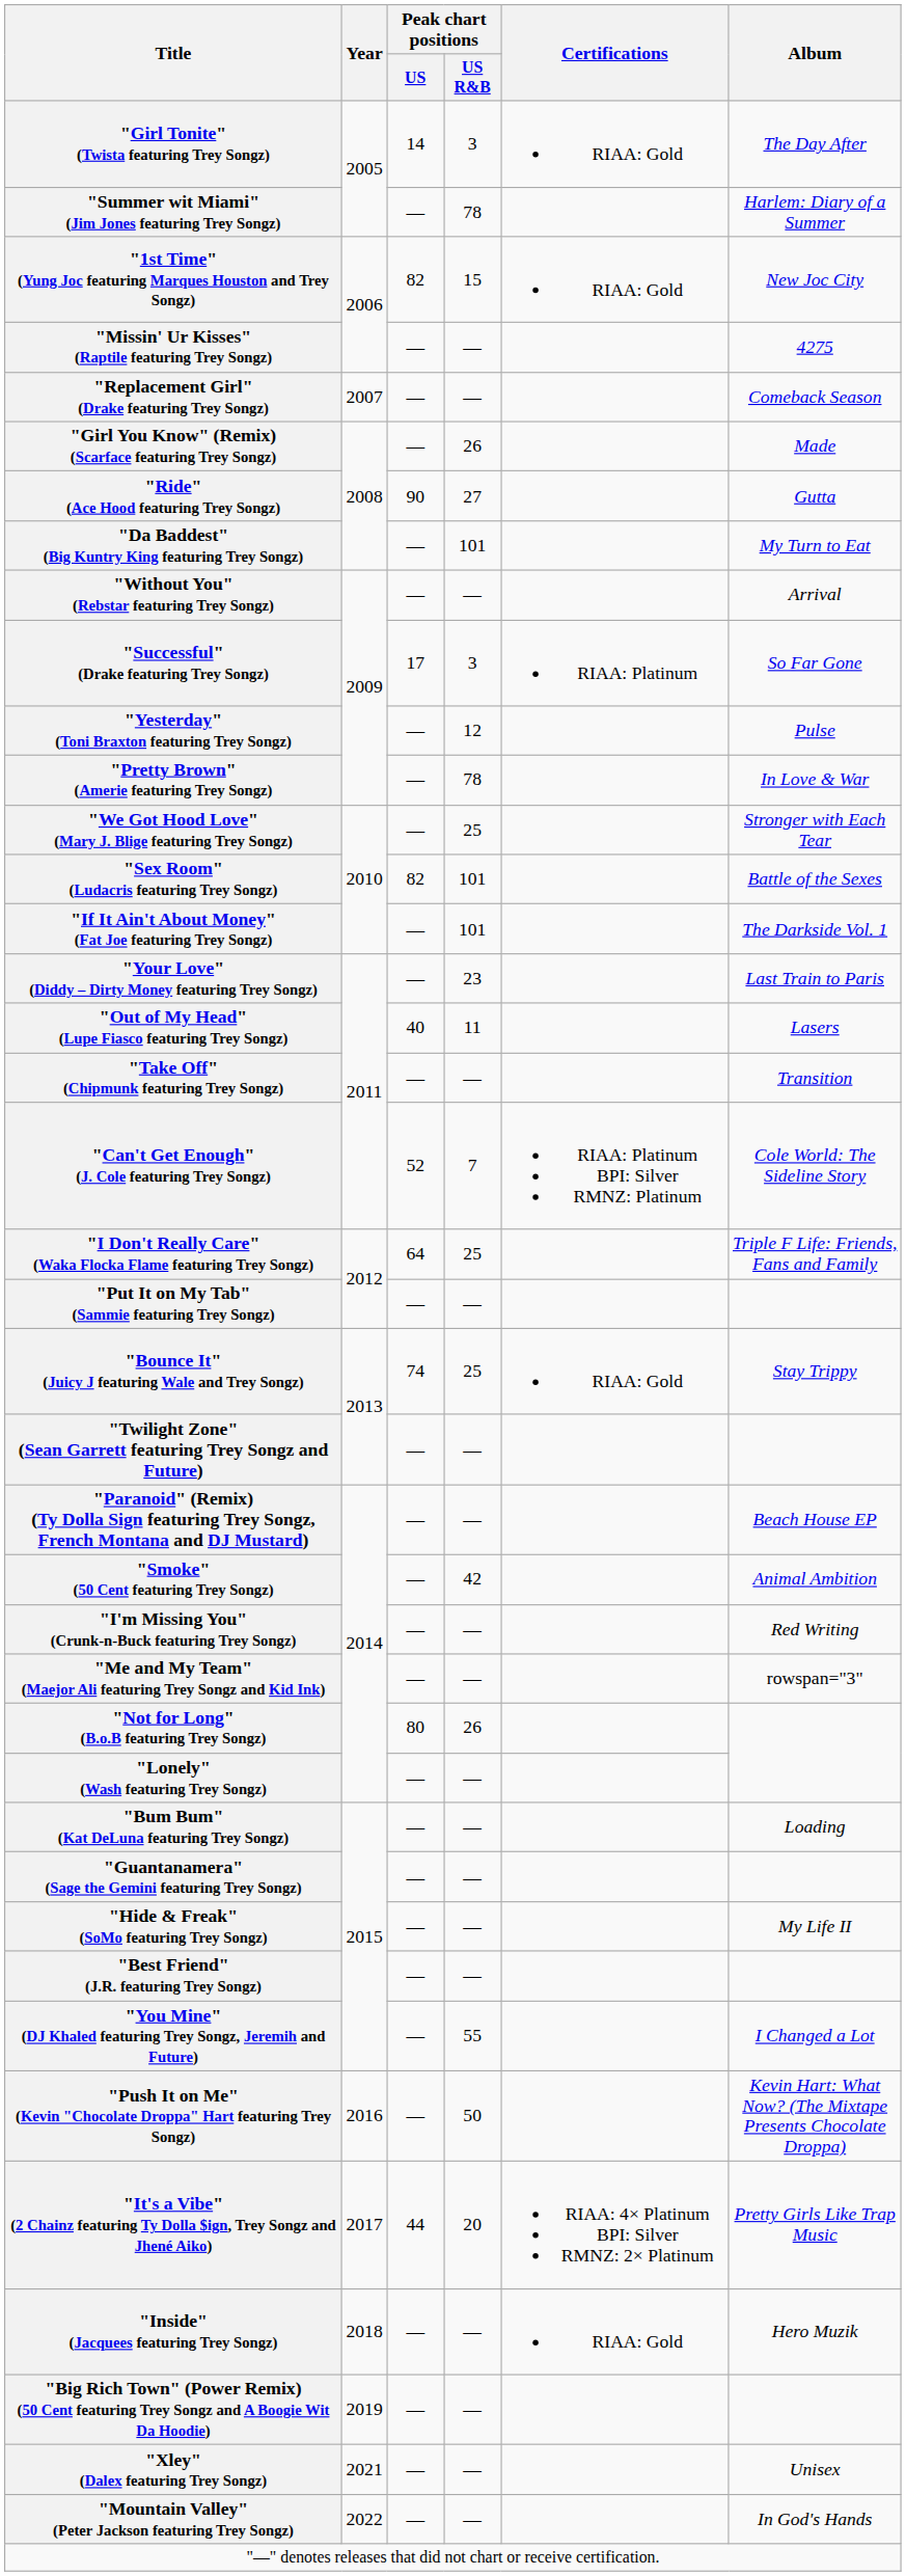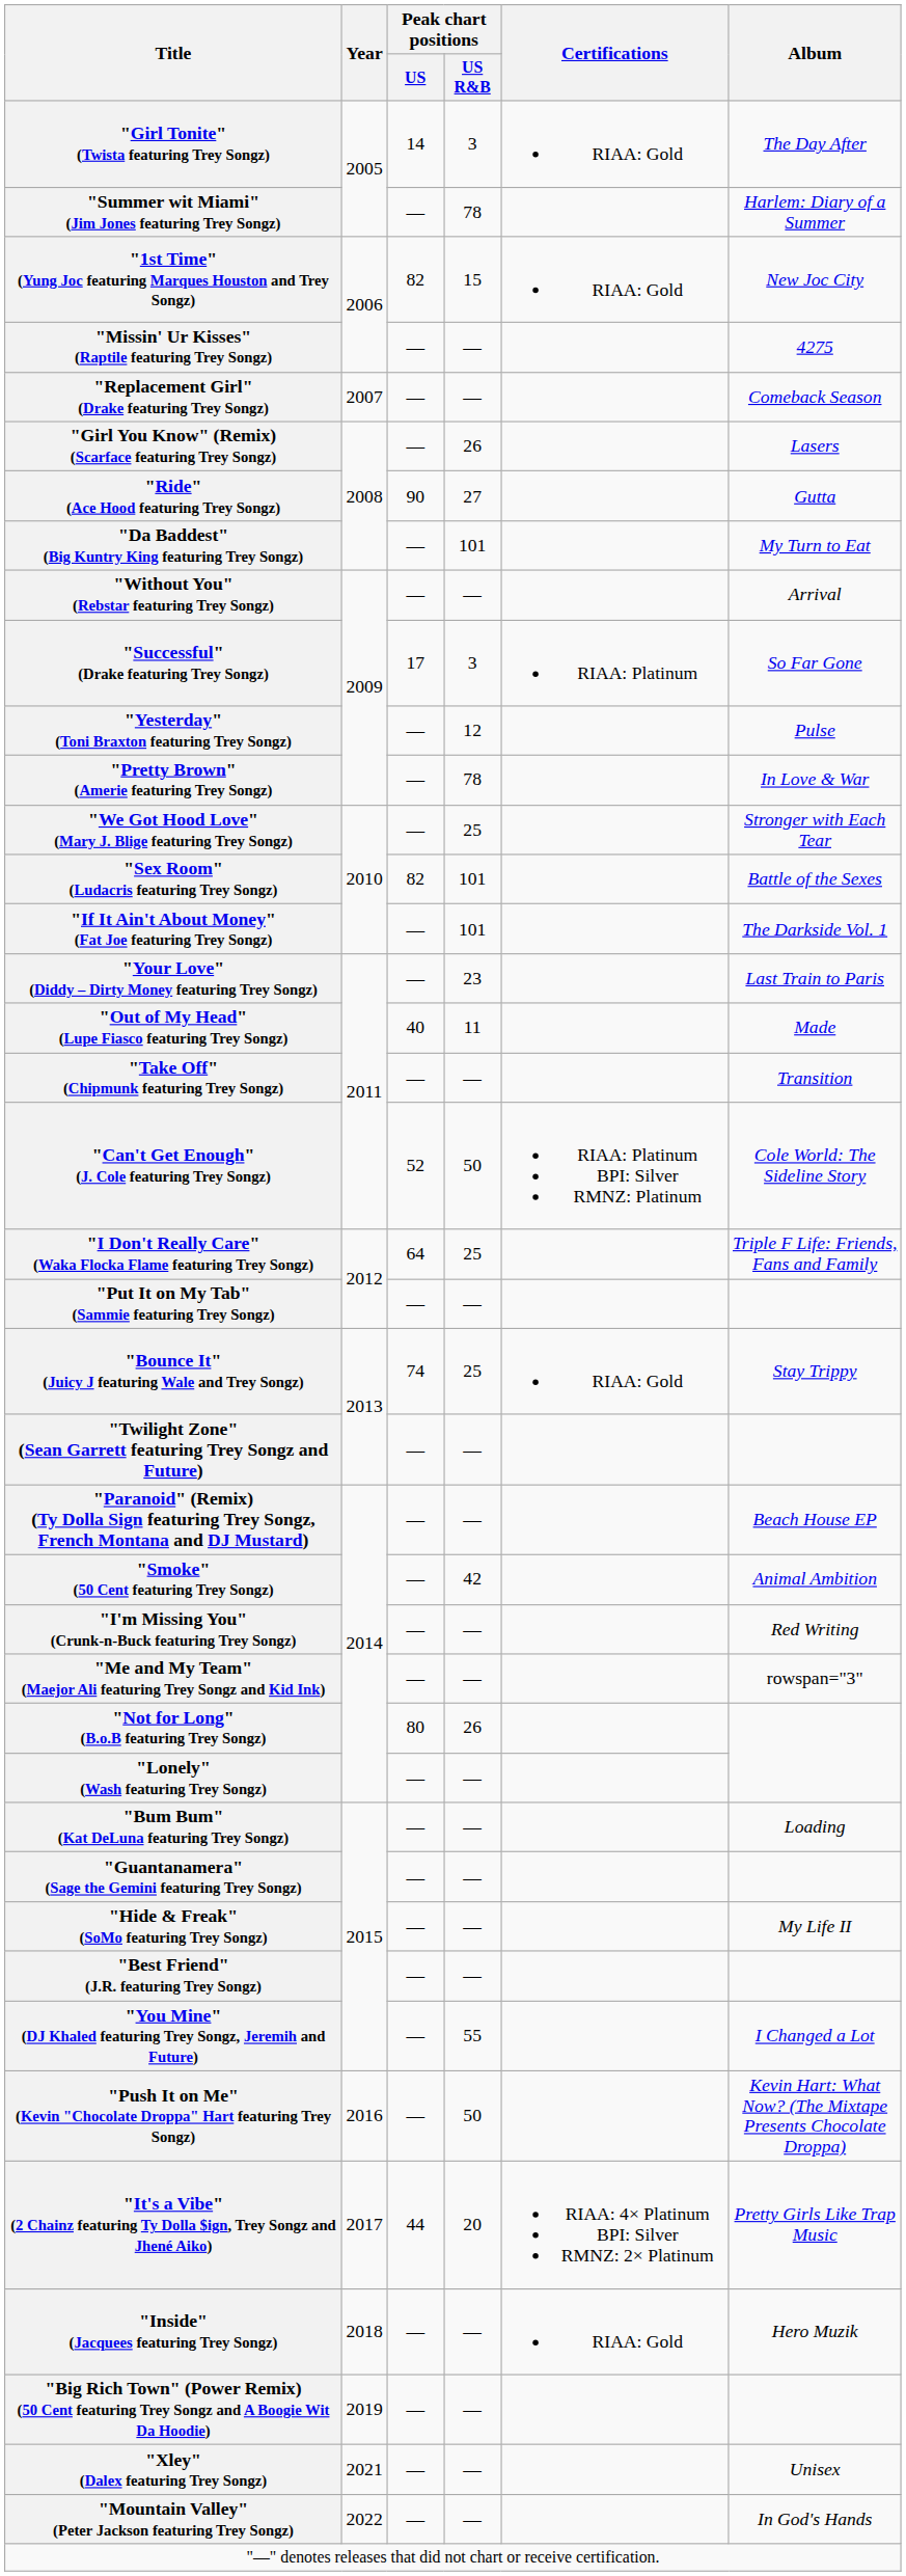 <table class="wikitable plainrowheaders" style="text-align:center;">
 <tr>
 <th scope="col" rowspan="2" style="width:18em;">Title</th>
 <th scope="col" rowspan="2" style="width:10px;">Year</th>
 <th scope="col" colspan="2">Peak chart positions</th>
 <th scope="col" rowspan="2" style="width:12em;"><a href='#'>Certifications</a></th>
 <th scope="col" rowspan="2" style="width:9em;">Album</th>
 </tr>
 <tr>
 <th scope="col" style="width:3em;font-size:90%;"><a href='#'>US</a></th>
 <th scope="col" style="width:3em;font-size:90%;"><a href='#'>US<br>R&B</a></th>
 </tr>
 <tr>
 <th scope="row">"<a href='#'>Girl Tonite</a>"<br><small>(<a href='#'>Twista</a> featuring Trey Songz)</small></th>
 <td rowspan="2">2005</td>
 <td>14</td>
 <td>3</td>
 <td><br><ul><li>RIAA: Gold</li></ul></td>
 <td><em><a href='#'>The Day After</a></em></td>
 </tr>
 <tr>
 <th scope="row">"Summer wit Miami"<br><small>(<a href='#'>Jim Jones</a> featuring Trey Songz)</small></th>
 <td>—</td>
 <td>78</td>
 <td></td>
 <td><em><a href='#'>Harlem: Diary of a Summer</a></em></td>
 </tr>
 <tr>
 <th scope="row">"<a href='#'>1st Time</a>"<br><small>(<a href='#'>Yung Joc</a> featuring <a href='#'>Marques Houston</a> and Trey Songz)</small></th>
 <td rowspan="2">2006</td>
 <td>82</td>
 <td>15</td>
 <td><br><ul><li>RIAA: Gold</li></ul></td>
 <td><em><a href='#'>New Joc City</a></em></td>
 </tr>
 <tr>
 <th scope="row">"Missin' Ur Kisses"<br><small>(<a href='#'>Raptile</a> featuring Trey Songz)</small></th>
 <td>—</td>
 <td>—</td>
 <td></td>
 <td><em><a href='#'>4275</a></em></td>
 </tr>
 <tr>
 <th scope="row">"Replacement Girl"<br><small>(<a href='#'>Drake</a> featuring Trey Songz)</small></th>
 <td>2007</td>
 <td>—</td>
 <td>—</td>
 <td></td>
 <td><em><a href='#'>Comeback Season</a></em></td>
 </tr>
 <tr>
 <th scope="row">"Girl You Know" (Remix)<br><small>(<a href='#'>Scarface</a> featuring Trey Songz)</small></th>
 <td rowspan="3">2008</td>
 <td>—</td>
 <td>26</td>
 <td></td>
-<td><em><a href='#'>Made</a></em></td>
+<td><em><a href='#'>Lasers</a></em></td>
 </tr>
 <tr>
 <th scope="row">"<a href='#'>Ride</a>"<br><small>(<a href='#'>Ace Hood</a> featuring Trey Songz)</small></th>
 <td>90</td>
 <td>27</td>
 <td></td>
 <td><em><a href='#'>Gutta</a></em></td>
 </tr>
 <tr>
 <th scope="row">"Da Baddest"<br><small>(<a href='#'>Big Kuntry King</a> featuring Trey Songz)</small></th>
 <td>—</td>
 <td>101<br></td>
 <td></td>
 <td><em><a href='#'>My Turn to Eat</a></em></td>
 </tr>
 <tr>
 <th scope="row">"Without You"<br><small>(<a href='#'>Rebstar</a> featuring Trey Songz)</small></th>
 <td rowspan="4">2009</td>
 <td>—</td>
 <td>—</td>
 <td></td>
 <td><em>Arrival</em></td>
 </tr>
 <tr>
 <th scope="row">"<a href='#'>Successful</a>"<br><small>(Drake featuring Trey Songz)</small></th>
 <td>17</td>
 <td>3</td>
 <td><br><ul><li>RIAA: Platinum</li></ul></td>
 <td><em><a href='#'>So Far Gone</a></em></td>
 </tr>
 <tr>
 <th scope="row">"<a href='#'>Yesterday</a>"<br><small>(<a href='#'>Toni Braxton</a> featuring Trey Songz)</small></th>
 <td>—</td>
 <td>12</td>
 <td></td>
 <td><em><a href='#'>Pulse</a></em></td>
 </tr>
 <tr>
 <th scope="row">"<a href='#'>Pretty Brown</a>"<br><small>(<a href='#'>Amerie</a> featuring Trey Songz)</small></th>
 <td>—</td>
 <td>78</td>
 <td></td>
 <td><em><a href='#'>In Love & War</a></em></td>
 </tr>
 <tr>
 <th scope="row">"<a href='#'>We Got Hood Love</a>"<br><small>(<a href='#'>Mary J. Blige</a> featuring Trey Songz)</small></th>
 <td rowspan="3">2010</td>
 <td>—</td>
 <td>25</td>
 <td></td>
 <td><em><a href='#'>Stronger with Each Tear</a></em></td>
 </tr>
 <tr>
 <th scope="row">"<a href='#'>Sex Room</a>"<br><small>(<a href='#'>Ludacris</a> featuring Trey Songz)</small></th>
 <td>82</td>
 <td>101<br></td>
 <td></td>
 <td><em><a href='#'>Battle of the Sexes</a></em></td>
 </tr>
 <tr>
 <th scope="row">"<a href='#'>If It Ain't About Money</a>"<br><small>(<a href='#'>Fat Joe</a> featuring Trey Songz)</small></th>
 <td>—</td>
 <td>101<br></td>
 <td></td>
 <td><em><a href='#'>The Darkside Vol. 1</a></em></td>
 </tr>
 <tr>
 <th scope="row">"<a href='#'>Your Love</a>"<br><small>(<a href='#'>Diddy – Dirty Money</a> featuring Trey Songz)</small></th>
 <td rowspan="4">2011</td>
 <td>—</td>
 <td>23</td>
 <td></td>
 <td><em><a href='#'>Last Train to Paris</a></em></td>
 </tr>
 <tr>
 <th scope="row">"<a href='#'>Out of My Head</a>"<br><small>(<a href='#'>Lupe Fiasco</a> featuring Trey Songz)</small></th>
 <td>40</td>
 <td>11</td>
 <td></td>
-<td><em><a href='#'>Lasers</a></em></td>
+<td><em><a href='#'>Made</a></em></td>
 </tr>
 <tr>
 <th scope="row">"<a href='#'>Take Off</a>"<br><small>(<a href='#'>Chipmunk</a> featuring Trey Songz)</small></th>
 <td>—</td>
 <td>—</td>
 <td></td>
 <td><em><a href='#'>Transition</a></em></td>
 </tr>
 <tr>
 <th scope="row">"<a href='#'>Can't Get Enough</a>"<br><small>(<a href='#'>J. Cole</a> featuring Trey Songz)</small></th>
 <td>52</td>
-<td>7</td>
+<td>50</td>
 <td><br><ul><li>RIAA: Platinum</li><li>BPI: Silver</li><li>RMNZ: Platinum</li></ul></td>
 <td><em><a href='#'>Cole World: The Sideline Story</a></em></td>
 </tr>
 <tr>
 <th scope="row">"<a href='#'>I Don't Really Care</a>"<br><small>(<a href='#'>Waka Flocka Flame</a> featuring Trey Songz)</small></th>
 <td rowspan="2">2012</td>
 <td>64</td>
 <td>25</td>
 <td></td>
 <td><em><a href='#'>Triple F Life: Friends, Fans and Family</a></em></td>
 </tr>
 <tr>
 <th scope="row">"Put It on My Tab"<br><small>(<a href='#'>Sammie</a> featuring Trey Songz)</small></th>
 <td>—</td>
 <td>—</td>
 <td></td>
 <td></td>
 </tr>
 <tr>
 <th scope="row">"<a href='#'>Bounce It</a>"<br><small>(<a href='#'>Juicy J</a> featuring <a href='#'>Wale</a> and Trey Songz)</small></th>
 <td rowspan="2">2013</td>
 <td>74</td>
 <td>25</td>
 <td><br><ul><li>RIAA: Gold</li></ul></td>
 <td><em><a href='#'>Stay Trippy</a></em></td>
 </tr>
 <tr>
 <th scope="row">"Twilight Zone"<br><span>(<a href='#'>Sean Garrett</a> featuring Trey Songz and <a href='#'>Future</a>)</span></th>
 <td>—</td>
 <td>—</td>
 <td></td>
 <td></td>
 </tr>
 <tr>
 <th scope="row">"<a href='#'>Paranoid</a>" (Remix)<br><span>(<a href='#'>Ty Dolla Sign</a> featuring Trey Songz, <a href='#'>French Montana</a> and <a href='#'>DJ Mustard</a>)</span></th>
 <td rowspan="6">2014</td>
 <td>—</td>
 <td>—</td>
 <td></td>
 <td><em><a href='#'>Beach House EP</a></em></td>
 </tr>
 <tr>
 <th scope="row">"<a href='#'>Smoke</a>"<br><small>(<a href='#'>50 Cent</a> featuring Trey Songz)</small></th>
 <td>—</td>
 <td>42</td>
 <td></td>
 <td><em><a href='#'>Animal Ambition</a></em></td>
 </tr>
 <tr>
 <th scope="row">"I'm Missing You"<br><small>(Crunk-n-Buck featuring Trey Songz)</small></th>
 <td>—</td>
 <td>—</td>
 <td></td>
 <td><em>Red Writing</em></td>
 </tr>
 <tr>
 <th scope="row">"Me and My Team"<br><small>(<a href='#'>Maejor Ali</a> featuring Trey Songz and <a href='#'>Kid Ink</a>)</small></th>
 <td>—</td>
 <td>—</td>
 <td></td>
 <td>rowspan="3" </td>
 </tr>
 <tr>
 <th scope="row">"<a href='#'>Not for Long</a>"<br><small>(<a href='#'>B.o.B</a> featuring Trey Songz)</small></th>
 <td>80</td>
 <td>26</td>
 <td></td>
 </tr>
 <tr>
 <th scope="row">"Lonely"<br><small>(<a href='#'>Wash</a> featuring Trey Songz)</small></th>
 <td>—</td>
 <td>—</td>
 <td></td>
 </tr>
 <tr>
 <th scope="row">"Bum Bum"<br><small>(<a href='#'>Kat DeLuna</a> featuring Trey Songz)</small></th>
 <td rowspan="5">2015</td>
 <td>—</td>
 <td>—</td>
 <td></td>
 <td><em>Loading</em></td>
 </tr>
 <tr>
 <th scope="row">"Guantanamera"<br><small>(<a href='#'>Sage the Gemini</a> featuring Trey Songz)</small></th>
 <td>—</td>
 <td>—</td>
 <td></td>
 <td></td>
 </tr>
 <tr>
 <th scope="row">"Hide & Freak"<br><small>(<a href='#'>SoMo</a> featuring Trey Songz)</small></th>
 <td>—</td>
 <td>—</td>
 <td></td>
 <td><em>My Life II</em></td>
 </tr>
 <tr>
 <th scope="row">"Best Friend"<br><small>(J.R. featuring Trey Songz)</small></th>
 <td>—</td>
 <td>—</td>
 <td></td>
 <td></td>
 </tr>
 <tr>
 <th scope="row">"<a href='#'>You Mine</a>"<br><small>(<a href='#'>DJ Khaled</a> featuring Trey Songz, <a href='#'>Jeremih</a> and <a href='#'>Future</a>)</small></th>
 <td>—</td>
 <td>55</td>
 <td></td>
 <td><em><a href='#'>I Changed a Lot</a></em></td>
 </tr>
 <tr>
 <th scope="row">"Push It on Me"<br><small>(<a href='#'>Kevin "Chocolate Droppa" Hart</a> featuring Trey Songz)</small></th>
 <td>2016</td>
 <td>—</td>
 <td>50</td>
 <td></td>
 <td><em><a href='#'>Kevin Hart: What Now? (The Mixtape Presents Chocolate Droppa)</a></em></td>
 </tr>
 <tr>
 <th scope="row">"<a href='#'>It's a Vibe</a>"<br><small>(<a href='#'>2 Chainz</a> featuring <a href='#'>Ty Dolla $ign</a>, Trey Songz and <a href='#'>Jhené Aiko</a>)</small></th>
 <td>2017</td>
 <td>44<br></td>
 <td>20</td>
 <td><br><ul><li>RIAA: 4× Platinum</li><li>BPI: Silver</li><li>RMNZ: 2× Platinum</li></ul></td>
 <td><em><a href='#'>Pretty Girls Like Trap Music</a></em></td>
 </tr>
 <tr>
 <th scope="row">"Inside"<br><small>(<a href='#'>Jacquees</a> featuring Trey Songz)</small></th>
 <td>2018</td>
 <td>—</td>
 <td>—</td>
 <td><br><ul><li>RIAA: Gold</li></ul></td>
 <td><em>Hero Muzik</em></td>
 </tr>
 <tr>
 <th scope="row">"Big Rich Town" (Power Remix)<br><small>(<a href='#'>50 Cent</a> featuring Trey Songz and <a href='#'>A Boogie Wit Da Hoodie</a>)</small></th>
 <td>2019</td>
 <td>—</td>
 <td>—</td>
 <td></td>
 <td></td>
 </tr>
 <tr>
 <th scope="row">"Xley"<br><small>(<a href='#'>Dalex</a> featuring Trey Songz)</small></th>
 <td>2021</td>
 <td>—</td>
 <td>—</td>
 <td></td>
 <td><em>Unisex</em></td>
 </tr>
 <tr>
 <th scope="row">"Mountain Valley"<br><small>(Peter Jackson featuring Trey Songz)</small></th>
 <td>2022</td>
 <td>—</td>
 <td>—</td>
 <td></td>
 <td><em>In God's Hands</em></td>
 </tr>
 <tr>
 <td colspan="14" style="font-size:90%">"—" denotes releases that did not chart or receive certification.</td>
 </tr>
 </table>
